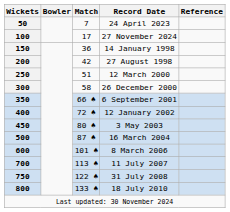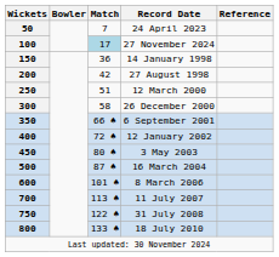 <table class="wikitable plainrowheaders sortable" style="text-align:center;">
 <tr>
 <th scope="col" style="text-align:center;">Wickets</th>
 <th scope="col" style="text-align:center;">Bowler</th>
 <th scope="col" style="text-align:center;">Match</th>
 <th scope="col" style="text-align:center;">Record Date</th>
 <th scope="col" style="text-align:center;">Reference</th>
 </tr>
 <tr>
 <th scope="row" style="text-align:center;">50</th>
 <td rowspan=2></td>
 <td>7</td>
 <td>24 April 2023</td>
 <td></td>
 </tr>
 <tr>
 <th scope="row" style="text-align:center;">100</th>
-<td>17</td>
+<td style="background: lightblue;">17</td>
 <td>27 November 2024</td>
 <td></td>
 </tr>
 <tr>
 <th scope="row" style="text-align:center;">150</th>
 <td rowspan=12></td>
 <td>36</td>
 <td>14 January 1998</td>
 <td></td>
 </tr>
 <tr>
 <th scope="row" style="text-align:center;">200</th>
 <td>42</td>
 <td>27 August 1998</td>
 <td></td>
 </tr>
 <tr>
 <th scope=row style="text-align:center;">250</th>
 <td>51</td>
 <td>12 March 2000</td>
 <td></td>
 </tr>
 <tr>
 <th scope=row style="text-align:center;">300</th>
 <td>58</td>
 <td>26 December 2000</td>
 <td></td>
 </tr>
 <tr style="background:#cee0f2">
 <th scope=row style="background:#cee0f2; text-align:center;">350</th>
 <td>66 ♠</td>
 <td>6 September 2001</td>
 <td></td>
 </tr>
 <tr style="background:#cee0f2">
 <th scope=row style="background:#cee0f2; text-align:center;">400</th>
 <td>72 ♠</td>
 <td>12 January 2002</td>
 <td></td>
 </tr>
 <tr style="background:#cee0f2">
 <th scope=row style="background:#cee0f2; text-align:center;">450</th>
 <td>80 ♠</td>
 <td>3 May 2003</td>
 <td></td>
 </tr>
 <tr style="background:#cee0f2">
 <th scope=row style="background:#cee0f2; text-align:center;">500</th>
 <td>87 ♠</td>
 <td>16 March 2004</td>
 <td></td>
 </tr>
 <tr style="background:#cee0f2">
 <th scope=row style="background:#cee0f2; text-align:center;">600</th>
 <td>101 ♠</td>
 <td>8 March 2006</td>
 <td></td>
 </tr>
 <tr style="background:#cee0f2">
 <th scope=row style="background:#cee0f2; text-align:center;">700</th>
 <td>113 ♠</td>
 <td>11 July 2007</td>
 <td></td>
 </tr>
 <tr style="background:#cee0f2">
 <th scope=row style="background:#cee0f2; text-align:center;">750</th>
 <td>122 ♠</td>
 <td>31 July 2008</td>
 <td></td>
 </tr>
 <tr style="background:#cee0f2">
 <th scope=row style="background:#cee0f2; text-align:center;">800</th>
 <td>133 ♠</td>
 <td>18 July 2010</td>
 <td></td>
 </tr>
 <tr>
 <td colspan="5"><small>Last updated: 30 November 2024</small></td>
 </tr>
 </table>
